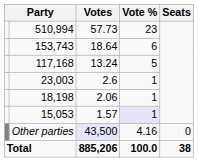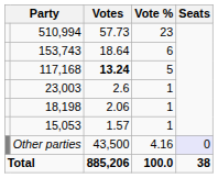 <table class="wikitable" style="text-align:right">
 <tr>
 <th colspan=2>Party</th>
 <th>Votes</th>
 <th>Vote %</th>
 <th>Seats</th>
 </tr>
 <tr>
 <td></td>
 <td>510,994</td>
 <td>57.73</td>
 <td>23</td>
 </tr>
 <tr>
 <td></td>
 <td>153,743</td>
 <td>18.64</td>
 <td>6</td>
 </tr>
 <tr>
 <td></td>
 <td>117,168</td>
-<td>13.24</td>
+<td><strong>13.24</strong></td>
 <td>5</td>
 </tr>
 <tr>
 <td></td>
 <td>23,003</td>
 <td>2.6</td>
 <td>1</td>
 </tr>
 <tr>
 <td></td>
 <td>18,198</td>
 <td>2.06</td>
 <td>1</td>
 </tr>
 <tr>
 <td></td>
 <td>15,053</td>
 <td>1.57</td>
-<td style="background: lavender;">1</td>
+<td>1</td>
 </tr>
 <tr>
 <td style="background-color:grey"></td>
 <td style="text-align:left"><em>Other parties</em></td>
-<td style="background: lavender;">43,500</td>
+<td>43,500</td>
 <td>4.16</td>
-<td>0</td>
+<td style="background: lavender;">0</td>
 </tr>
 <tr>
 <td colspan=2 style="text-align:left"><strong>Total</strong></td>
 <td><strong>885,206</strong></td>
 <td><strong>100.0</strong></td>
 <td><strong>38</strong></td>
 </tr>
 </table>
